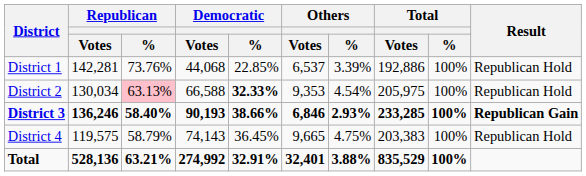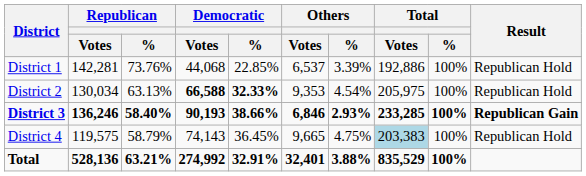 <table class="wikitable plainrowheaders sortable" style="font-size:100%; text-align:right;">
 <tr>
 <th scope=col rowspan=3><a href='#'>District</a></th>
 <th scope=col colspan=2><a href='#'>Republican</a></th>
 <th scope=col colspan=2><a href='#'>Democratic</a></th>
 <th scope=col colspan=2>Others</th>
 <th scope=col colspan=2>Total</th>
 <th scope=col rowspan=3>Result</th>
 </tr>
 <tr>
 <th scope=col colspan=2 style="background:"></th>
 <th scope=col colspan=2 style="background:"></th>
 <th scope=col colspan=2></th>
 <th scope=col colspan=2></th>
 </tr>
 <tr>
 <th scope=col data-sort-type="number">Votes</th>
 <th scope=col data-sort-type="number">%</th>
 <th scope=col data-sort-type="number">Votes</th>
 <th scope=col data-sort-type="number">%</th>
 <th scope=col data-sort-type="number">Votes</th>
 <th scope=col data-sort-type="number">%</th>
 <th scope=col data-sort-type="number">Votes</th>
 <th scope=col data-sort-type="number">%</th>
 </tr>
 <tr>
 <td align=left><a href='#'>District 1</a></td>
 <td>142,281</td>
 <td>73.76%</td>
 <td>44,068</td>
 <td>22.85%</td>
 <td>6,537</td>
 <td>3.39%</td>
 <td>192,886</td>
 <td>100%</td>
 <td align=left>Republican Hold</td>
 </tr>
 <tr>
 <td align=left><a href='#'>District 2</a></td>
 <td>130,034</td>
-<td style="background: pink;">63.13%</td>
-<td>66,588</td>
+<td>63.13%</td>
+<td><strong>66,588</strong></td>
 <td><strong>32.33%</strong></td>
 <td>9,353</td>
 <td>4.54%</td>
 <td>205,975</td>
 <td>100%</td>
 <td align=left>Republican Hold</td>
 </tr>
 <tr>
 <td align=left><strong><a href='#'>District 3</a></strong></td>
 <td><strong>136,246</strong></td>
 <td><strong>58.40%</strong></td>
 <td><strong>90,193</strong></td>
 <td><strong>38.66%</strong></td>
 <td><strong>6,846</strong></td>
 <td><strong>2.93%</strong></td>
 <td><strong>233,285</strong></td>
 <td><strong>100%</strong></td>
 <td align=left><strong>Republican Gain</strong></td>
 </tr>
 <tr>
 <td align=left><a href='#'>District 4</a></td>
 <td>119,575</td>
 <td>58.79%</td>
 <td>74,143</td>
 <td>36.45%</td>
 <td>9,665</td>
 <td>4.75%</td>
-<td>203,383</td>
+<td style="background: lightblue;">203,383</td>
 <td>100%</td>
 <td align=left>Republican Hold</td>
 </tr>
 <tr class="sortbottom" style="font-weight:bold">
 <td align=left>Total</td>
 <td>528,136</td>
 <td>63.21%</td>
 <td>274,992</td>
 <td>32.91%</td>
 <td>32,401</td>
 <td>3.88%</td>
 <td>835,529</td>
 <td>100%</td>
 <td></td>
 </tr>
 </table>
